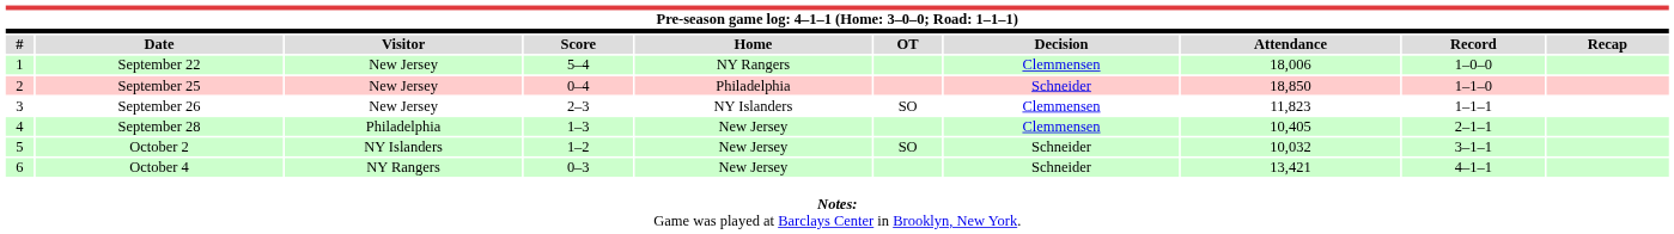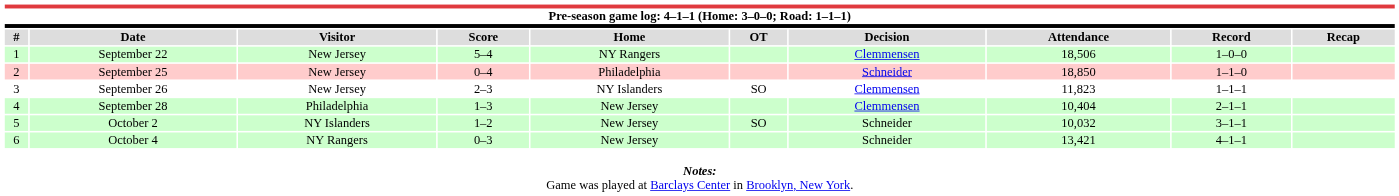 <table class="toccolours collapsible collapsed" style="width:90%; clear:both; margin:1.5em auto; text-align:center;">
 <tr>
 <th colspan=10 style="background:#fff; border-top:#E03A3E 5px solid; border-bottom:#000000 5px solid;">Pre-season game log: 4–1–1 (Home: 3–0–0; Road: 1–1–1)</th>
 </tr>
 <tr style="text-align:center; background:#ddd;">
 <th>#</th>
 <th>Date</th>
 <th>Visitor</th>
 <th>Score</th>
 <th>Home</th>
 <th>OT</th>
 <th>Decision</th>
 <th>Attendance</th>
 <th>Record</th>
 <th>Recap</th>
 </tr>
 <tr style="text-align:center; background:#cfc;">
 <td>1</td>
 <td>September 22</td>
 <td>New Jersey</td>
 <td>5–4</td>
 <td>NY Rangers</td>
 <td></td>
 <td><a href='#'>Clemmensen</a></td>
-<td>18,006</td>
+<td>18,506</td>
 <td>1–0–0</td>
 <td></td>
 </tr>
 <tr style="text-align:center; background:#fcc;">
 <td>2</td>
 <td>September 25</td>
 <td>New Jersey</td>
 <td>0–4</td>
 <td>Philadelphia</td>
 <td></td>
 <td><a href='#'>Schneider</a></td>
 <td>18,850</td>
 <td>1–1–0</td>
 <td></td>
 </tr>
 <tr style="text-align:center; background:#fff;">
 <td>3</td>
 <td>September 26</td>
 <td>New Jersey</td>
 <td>2–3</td>
 <td>NY Islanders</td>
 <td>SO</td>
 <td><a href='#'>Clemmensen</a></td>
 <td>11,823</td>
 <td>1–1–1</td>
 <td></td>
 </tr>
 <tr style="text-align:center; background:#cfc;">
 <td>4</td>
 <td>September 28</td>
 <td>Philadelphia</td>
 <td>1–3</td>
 <td>New Jersey</td>
 <td></td>
 <td><a href='#'>Clemmensen</a></td>
-<td>10,405</td>
+<td>10,404</td>
 <td>2–1–1</td>
 <td></td>
 </tr>
 <tr style="text-align:center; background:#cfc;">
 <td>5</td>
 <td>October 2</td>
 <td>NY Islanders</td>
 <td>1–2</td>
 <td>New Jersey</td>
 <td>SO</td>
 <td>Schneider</td>
 <td>10,032</td>
 <td>3–1–1</td>
 <td></td>
 </tr>
 <tr style="text-align:center; background:#cfc;">
 <td>6</td>
 <td>October 4</td>
 <td>NY Rangers</td>
 <td>0–3</td>
 <td>New Jersey</td>
 <td></td>
 <td>Schneider</td>
 <td>13,421</td>
 <td>4–1–1</td>
 <td></td>
 </tr>
 <tr>
 <td colspan="10" style="text-align:center;"><br><strong><em>Notes:</em></strong><br> Game was played at <a href='#'>Barclays Center</a> in <a href='#'>Brooklyn, New York</a>.</td>
 </tr>
 </table>
